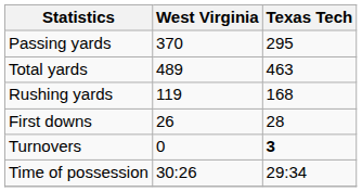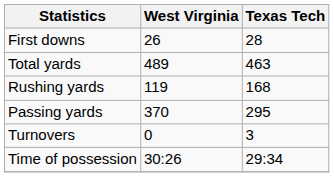 <table class="wikitable" style="float: left;">
 <tr>
 <th>Statistics</th>
 <th>West Virginia</th>
 <th>Texas Tech</th>
 </tr>
 <tr>
-<td>Passing yards</td>
-<td>370</td>
-<td>295</td>
+<td>First downs</td>
+<td>26</td>
+<td>28</td>
 </tr>
 <tr>
 <td>Total yards</td>
 <td>489</td>
 <td>463</td>
 </tr>
 <tr>
 <td>Rushing yards</td>
 <td>119</td>
 <td>168</td>
 </tr>
 <tr>
-<td>First downs</td>
-<td>26</td>
-<td>28</td>
+<td>Passing yards</td>
+<td>370</td>
+<td>295</td>
 </tr>
 <tr>
 <td>Turnovers</td>
 <td>0</td>
-<td><strong>3</strong></td>
+<td>3</td>
 </tr>
 <tr>
 <td>Time of possession</td>
 <td>30:26</td>
 <td>29:34</td>
 </tr>
 <tr>
 </tr>
 </table>
